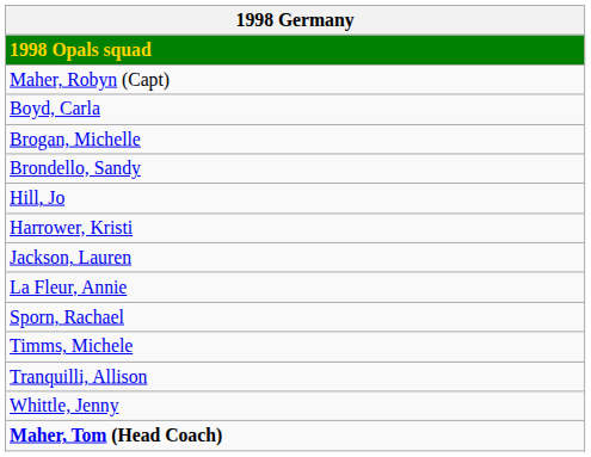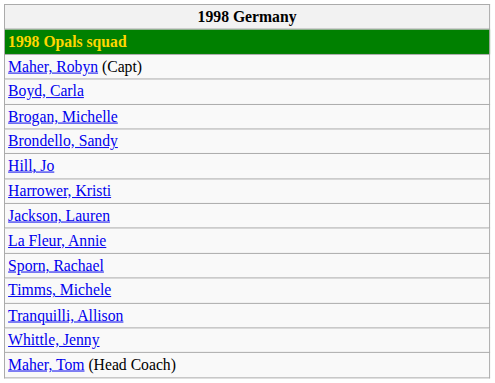 <table class="wikitable collapsible autocollapse" width=25%>
 <tr>
 <th>1998 Germany</th>
 </tr>
 <tr>
 <td bgcolor=green style="color:gold; width:200px"><strong>1998 Opals squad</strong></td>
 </tr>
 <tr>
 <td><a href='#'>Maher, Robyn</a> (Capt)</td>
 </tr>
 <tr>
 <td><a href='#'>Boyd, Carla</a></td>
 </tr>
 <tr>
 <td><a href='#'>Brogan, Michelle</a></td>
 </tr>
 <tr>
 <td><a href='#'>Brondello, Sandy</a></td>
 </tr>
 <tr>
 <td><a href='#'>Hill, Jo</a></td>
 </tr>
 <tr>
 <td><a href='#'>Harrower, Kristi</a></td>
 </tr>
 <tr>
 <td><a href='#'>Jackson, Lauren</a></td>
 </tr>
 <tr>
 <td><a href='#'>La Fleur, Annie</a></td>
 </tr>
 <tr>
 <td><a href='#'>Sporn, Rachael</a></td>
 </tr>
 <tr>
 <td><a href='#'>Timms, Michele</a></td>
 </tr>
 <tr>
 <td><a href='#'>Tranquilli, Allison</a></td>
 </tr>
 <tr>
 <td><a href='#'>Whittle, Jenny</a></td>
 </tr>
 <tr>
-<td><strong><a href='#'>Maher, Tom</a> (Head Coach)</strong></td>
+<td><a href='#'>Maher, Tom</a> (Head Coach)</td>
 </tr>
 </table>
